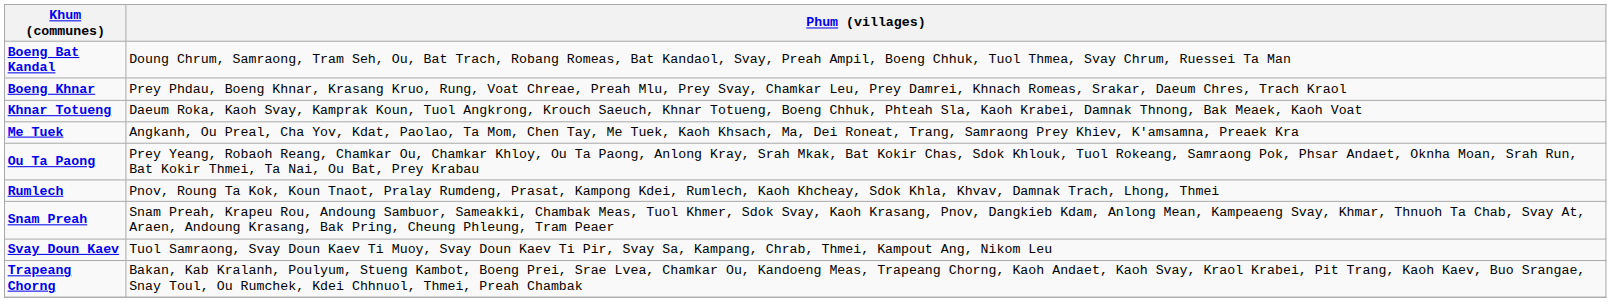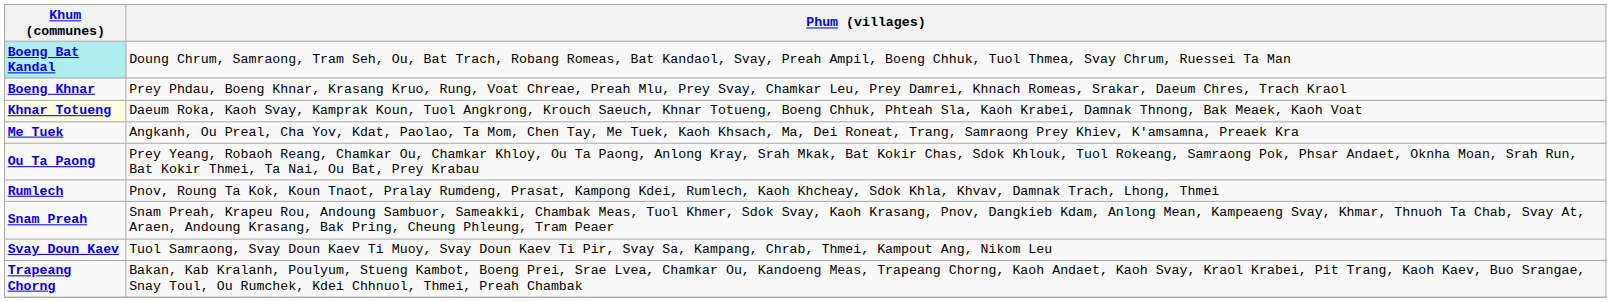 <table class="wikitable">
 <tr>
 <th><a href='#'>Khum</a> (communes)</th>
 <th><a href='#'>Phum</a> (villages)</th>
 </tr>
 <tr>
-<td><strong><a href='#'>Boeng Bat Kandal</a></strong></td>
+<td style="background: paleturquoise;"><strong><a href='#'>Boeng Bat Kandal</a></strong></td>
 <td>Doung Chrum, Samraong, Tram Seh, Ou, Bat Trach, Robang Romeas, Bat Kandaol, Svay, Preah Ampil, Boeng Chhuk, Tuol Thmea, Svay Chrum, Ruessei Ta Man</td>
 </tr>
 <tr>
 <td><strong><a href='#'>Boeng Khnar</a></strong></td>
 <td>Prey Phdau, Boeng Khnar, Krasang Kruo, Rung, Voat Chreae, Preah Mlu, Prey Svay, Chamkar Leu, Prey Damrei, Khnach Romeas, Srakar, Daeum Chres, Trach Kraol</td>
 </tr>
 <tr>
-<td><strong><a href='#'>Khnar Totueng</a></strong></td>
+<td style="background: lightyellow;"><strong><a href='#'>Khnar Totueng</a></strong></td>
 <td>Daeum Roka, Kaoh Svay, Kamprak Koun, Tuol Angkrong, Krouch Saeuch, Khnar Totueng, Boeng Chhuk, Phteah Sla, Kaoh Krabei, Damnak Thnong, Bak Meaek, Kaoh Voat</td>
 </tr>
 <tr>
 <td><strong><a href='#'>Me Tuek</a></strong></td>
 <td>Angkanh, Ou Preal, Cha Yov, Kdat, Paolao, Ta Mom, Chen Tay, Me Tuek, Kaoh Khsach, Ma, Dei Roneat, Trang, Samraong Prey Khiev, K'amsamna, Preaek Kra</td>
 </tr>
 <tr>
 <td><strong><a href='#'>Ou Ta Paong</a></strong></td>
 <td>Prey Yeang, Robaoh Reang, Chamkar Ou, Chamkar Khloy, Ou Ta Paong, Anlong Kray, Srah Mkak, Bat Kokir Chas, Sdok Khlouk, Tuol Rokeang, Samraong Pok, Phsar Andaet, Oknha Moan, Srah Run, Bat Kokir Thmei, Ta Nai, Ou Bat, Prey Krabau</td>
 </tr>
 <tr>
 <td><strong><a href='#'>Rumlech</a></strong></td>
 <td>Pnov, Roung Ta Kok, Koun Tnaot, Pralay Rumdeng, Prasat, Kampong Kdei, Rumlech, Kaoh Khcheay, Sdok Khla, Khvav, Damnak Trach, Lhong, Thmei</td>
 </tr>
 <tr>
 <td><strong><a href='#'>Snam Preah</a></strong></td>
 <td>Snam Preah, Krapeu Rou, Andoung Sambuor, Sameakki, Chambak Meas, Tuol Khmer, Sdok Svay, Kaoh Krasang, Pnov, Dangkieb Kdam, Anlong Mean, Kampeaeng Svay, Khmar, Thnuoh Ta Chab, Svay At, Araen, Andoung Krasang, Bak Pring, Cheung Phleung, Tram Peaer</td>
 </tr>
 <tr>
 <td><strong><a href='#'>Svay Doun Kaev</a></strong></td>
 <td>Tuol Samraong, Svay Doun Kaev Ti Muoy, Svay Doun Kaev Ti Pir, Svay Sa, Kampang, Chrab, Thmei, Kampout Ang, Nikom Leu</td>
 </tr>
 <tr>
 <td><strong><a href='#'>Trapeang Chorng</a></strong></td>
 <td>Bakan, Kab Kralanh, Poulyum, Stueng Kambot, Boeng Prei, Srae Lvea, Chamkar Ou, Kandoeng Meas, Trapeang Chorng, Kaoh Andaet, Kaoh Svay, Kraol Krabei, Pit Trang, Kaoh Kaev, Buo Srangae, Snay Toul, Ou Rumchek, Kdei Chhnuol, Thmei, Preah Chambak</td>
 </tr>
 <tr>
 </tr>
 </table>
